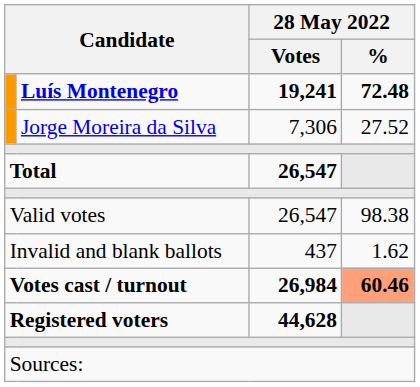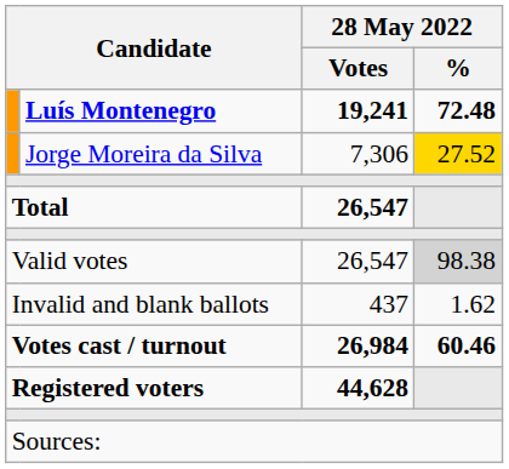 <table class="wikitable" style="text-align:right; font-size:97%;">
 <tr>
 <th rowspan="2" colspan="2" width="170">Candidate</th>
 <th colspan="2">28 May 2022</th>
 </tr>
 <tr>
 <th width="60">Votes</th>
 <th width="45">%</th>
 </tr>
 <tr>
 <td width="1" style="color:inherit;background:#FF9900"></td>
 <td align="left"><strong><a href='#'>Luís Montenegro</a></strong></td>
 <td><strong>19,241</strong></td>
 <td><strong>72.48</strong></td>
 </tr>
 <tr>
 <td style="color:inherit;background:#FF9900"></td>
 <td align="left"><a href='#'>Jorge Moreira da Silva</a></td>
 <td>7,306</td>
-<td>27.52</td>
+<td style="background: gold;">27.52</td>
 </tr>
 <tr>
 <td colspan="4" bgcolor="#E9E9E9"></td>
 </tr>
 <tr style="font-weight:bold;">
 <td align="left" colspan="2">Total</td>
 <td>26,547</td>
 <td bgcolor="#E9E9E9"></td>
 </tr>
 <tr>
 <td colspan="4" bgcolor="#E9E9E9"></td>
 </tr>
 <tr>
 <td align="left" colspan="2">Valid votes</td>
 <td>26,547</td>
-<td>98.38</td>
+<td style="background: lightgrey;">98.38</td>
 </tr>
 <tr>
 <td align="left" colspan="2">Invalid and blank ballots</td>
 <td>437</td>
 <td>1.62</td>
 </tr>
 <tr style="font-weight:bold;">
 <td align="left" colspan="2">Votes cast / turnout</td>
 <td>26,984</td>
-<td style="background: lightsalmon;">60.46</td>
+<td>60.46</td>
 </tr>
 <tr style="font-weight:bold;">
 <td align="left" colspan="2">Registered voters</td>
 <td>44,628</td>
 <td bgcolor="#E9E9E9"></td>
 </tr>
 <tr>
 <td colspan="4" bgcolor="#E9E9E9"></td>
 </tr>
 <tr>
 <td align="left" colspan="6">Sources: </td>
 </tr>
 </table>
